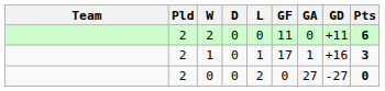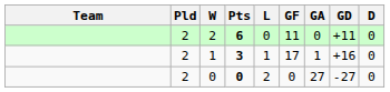 <table class="wikitable" style="text-align:center;">
 <tr>
 <th width=165>Team</th>
 <th width=20>Pld</th>
 <th width=20>W</th>
-<th width=20>D</th>
+<th width=20>Pts</th>
 <th width=20>L</th>
 <th width=20>GF</th>
 <th width=20>GA</th>
 <th width=20>GD</th>
-<th width=20>Pts</th>
+<th width=20>D</th>
 </tr>
 <tr style="background:#ccffcc;">
 <td style="text-align:left;"></td>
 <td>2</td>
 <td>2</td>
-<td>0</td>
+<td><strong>6</strong></td>
 <td>0</td>
 <td>11</td>
 <td>0</td>
 <td>+11</td>
-<td><strong>6</strong></td>
+<td>0</td>
 </tr>
 <tr>
 <td style="text-align:left;"></td>
 <td>2</td>
 <td>1</td>
-<td>0</td>
+<td><strong>3</strong></td>
 <td>1</td>
 <td>17</td>
 <td>1</td>
 <td>+16</td>
-<td><strong>3</strong></td>
+<td>0</td>
 </tr>
 <tr>
 <td style="text-align:left;"></td>
 <td>2</td>
 <td>0</td>
-<td>0</td>
+<td><strong>0</strong></td>
 <td>2</td>
 <td>0</td>
 <td>27</td>
 <td>-27</td>
-<td><strong>0</strong></td>
+<td>0</td>
 </tr>
 </table>
